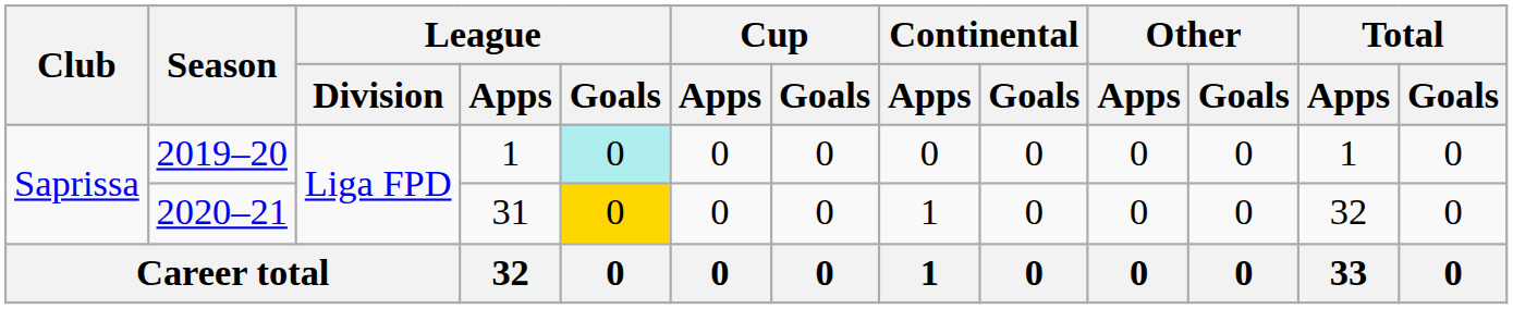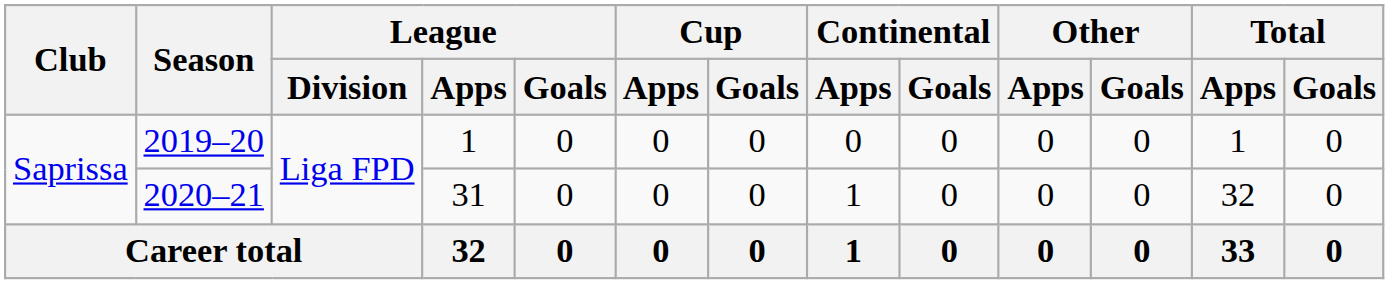 <table class="wikitable" style="text-align: center">
 <tr>
 <th rowspan="2">Club</th>
 <th rowspan="2">Season</th>
 <th colspan="3">League</th>
 <th colspan="2">Cup</th>
 <th colspan="2">Continental</th>
 <th colspan="2">Other</th>
 <th colspan="2">Total</th>
 </tr>
 <tr>
 <th>Division</th>
 <th>Apps</th>
 <th>Goals</th>
 <th>Apps</th>
 <th>Goals</th>
 <th>Apps</th>
 <th>Goals</th>
 <th>Apps</th>
 <th>Goals</th>
 <th>Apps</th>
 <th>Goals</th>
 </tr>
 <tr>
 <td rowspan="2"><a href='#'>Saprissa</a></td>
 <td><a href='#'>2019–20</a></td>
 <td rowspan="2"><a href='#'>Liga FPD</a></td>
 <td>1</td>
-<td style="background: paleturquoise;">0</td>
+<td>0</td>
 <td>0</td>
 <td>0</td>
 <td>0</td>
 <td>0</td>
 <td>0</td>
 <td>0</td>
 <td>1</td>
 <td>0</td>
 </tr>
 <tr>
 <td><a href='#'>2020–21</a></td>
 <td>31</td>
-<td style="background: gold;">0</td>
+<td>0</td>
 <td>0</td>
 <td>0</td>
 <td>1</td>
 <td>0</td>
 <td>0</td>
 <td>0</td>
 <td>32</td>
 <td>0</td>
 </tr>
 <tr>
 <th colspan="3"><strong>Career total</strong></th>
 <th>32</th>
 <th>0</th>
 <th>0</th>
 <th>0</th>
 <th>1</th>
 <th>0</th>
 <th>0</th>
 <th>0</th>
 <th>33</th>
 <th>0</th>
 </tr>
 </table>
